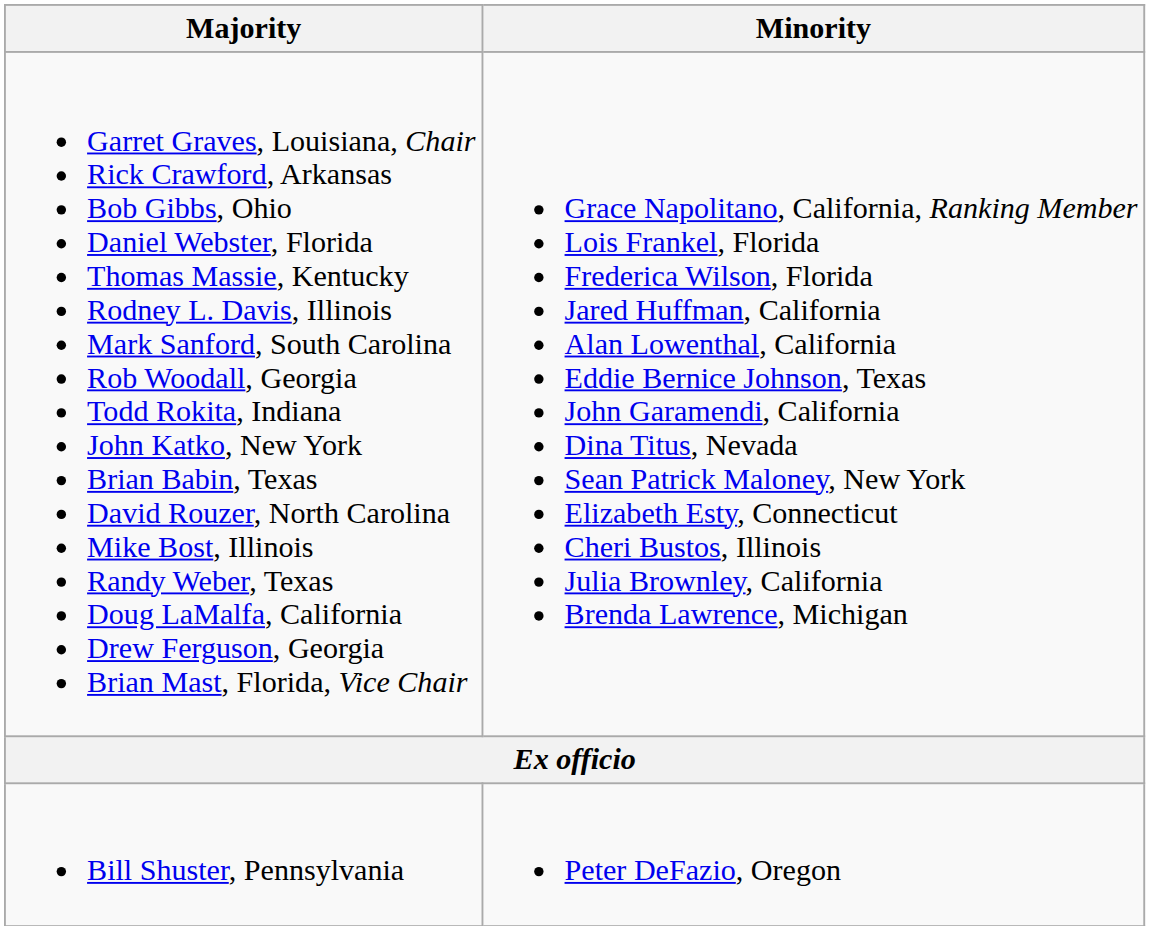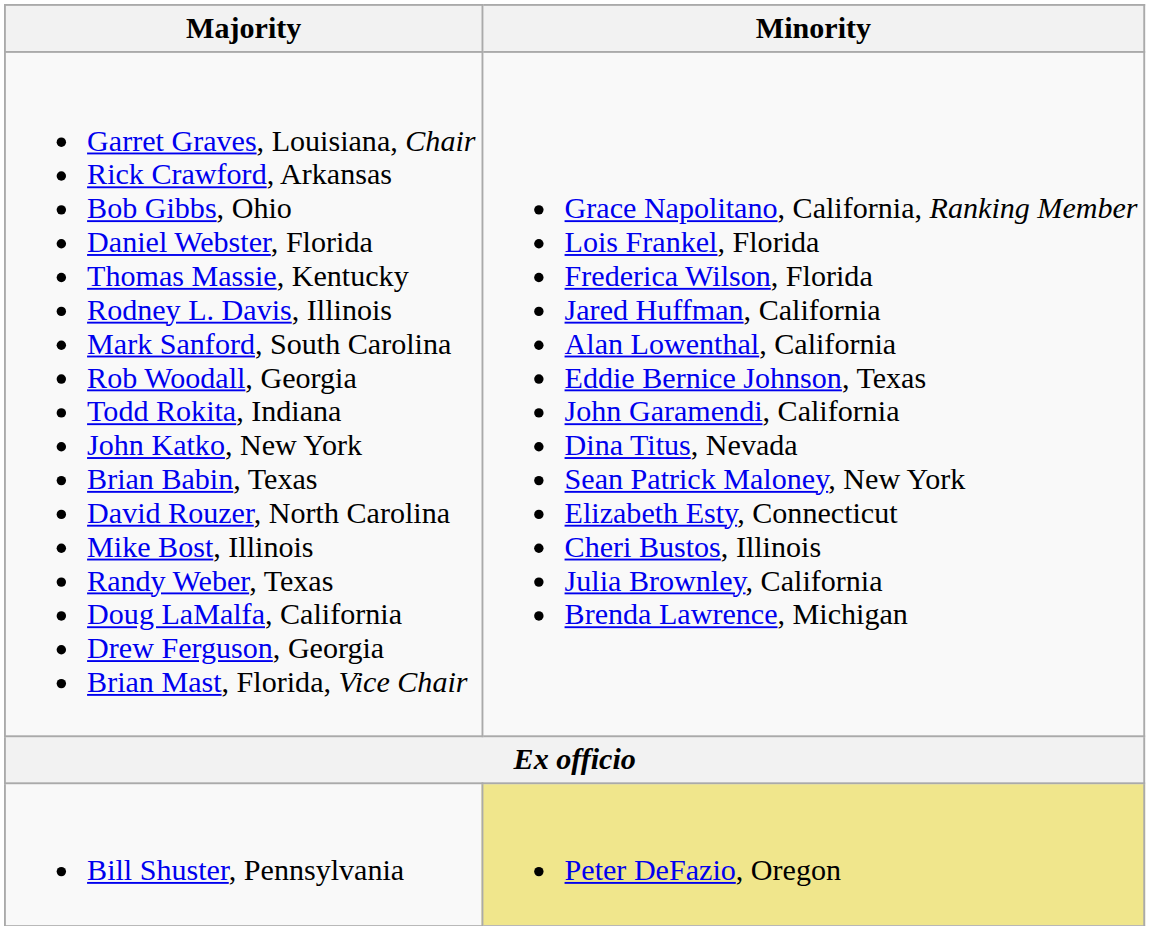 <table class=wikitable>
 <tr>
 <th>Majority</th>
 <th>Minority</th>
 </tr>
 <tr>
 <td><br><ul><li><a href='#'>Garret Graves</a>, Louisiana, <em>Chair</em></li><li><a href='#'>Rick Crawford</a>, Arkansas</li><li><a href='#'>Bob Gibbs</a>, Ohio</li><li><a href='#'>Daniel Webster</a>, Florida</li><li><a href='#'>Thomas Massie</a>, Kentucky</li><li><a href='#'>Rodney L. Davis</a>, Illinois</li><li><a href='#'>Mark Sanford</a>, South Carolina</li><li><a href='#'>Rob Woodall</a>, Georgia</li><li><a href='#'>Todd Rokita</a>, Indiana</li><li><a href='#'>John Katko</a>, New York</li><li><a href='#'>Brian Babin</a>, Texas</li><li><a href='#'>David Rouzer</a>, North Carolina</li><li><a href='#'>Mike Bost</a>, Illinois</li><li><a href='#'>Randy Weber</a>, Texas</li><li><a href='#'>Doug LaMalfa</a>, California</li><li><a href='#'>Drew Ferguson</a>, Georgia</li><li><a href='#'>Brian Mast</a>, Florida, <em>Vice Chair</em></li></ul></td>
 <td><br><ul><li><a href='#'>Grace Napolitano</a>, California, <em>Ranking Member</em></li><li><a href='#'>Lois Frankel</a>, Florida</li><li><a href='#'>Frederica Wilson</a>, Florida</li><li><a href='#'>Jared Huffman</a>, California</li><li><a href='#'>Alan Lowenthal</a>, California</li><li><a href='#'>Eddie Bernice Johnson</a>, Texas</li><li><a href='#'>John Garamendi</a>, California</li><li><a href='#'>Dina Titus</a>, Nevada</li><li><a href='#'>Sean Patrick Maloney</a>, New York</li><li><a href='#'>Elizabeth Esty</a>, Connecticut</li><li><a href='#'>Cheri Bustos</a>, Illinois</li><li><a href='#'>Julia Brownley</a>, California</li><li><a href='#'>Brenda Lawrence</a>, Michigan</li></ul></td>
 </tr>
 <tr>
 <th colspan=2><em>Ex officio</em></th>
 </tr>
 <tr>
 <td><br><ul><li><a href='#'>Bill Shuster</a>, Pennsylvania</li></ul></td>
-<td><br><ul><li><a href='#'>Peter DeFazio</a>, Oregon</li></ul></td>
+<td style="background: khaki;"><br><ul><li><a href='#'>Peter DeFazio</a>, Oregon</li></ul></td>
 </tr>
 </table>
